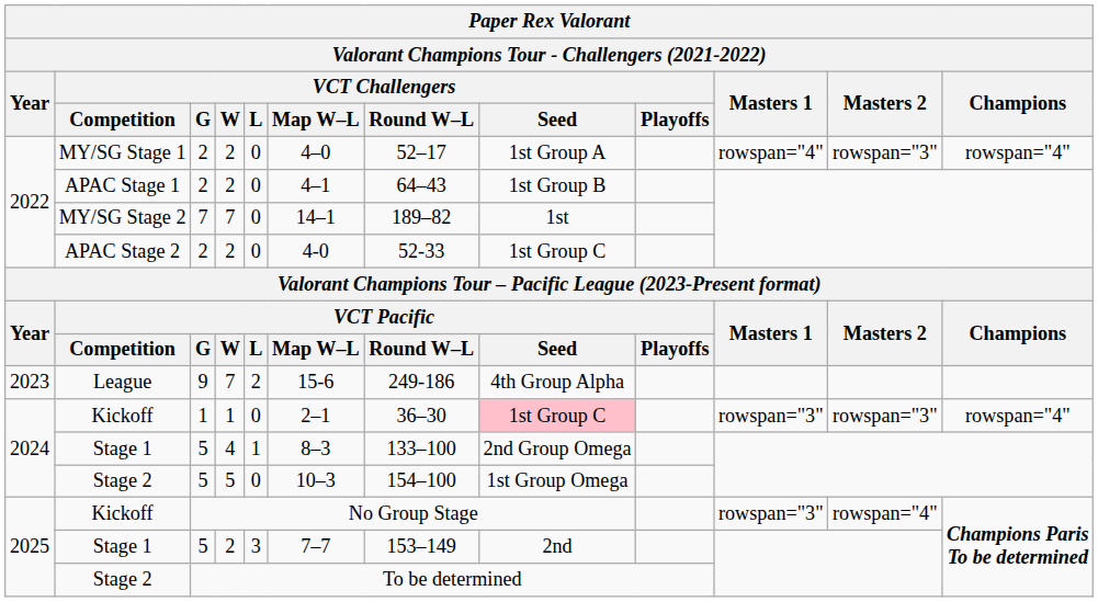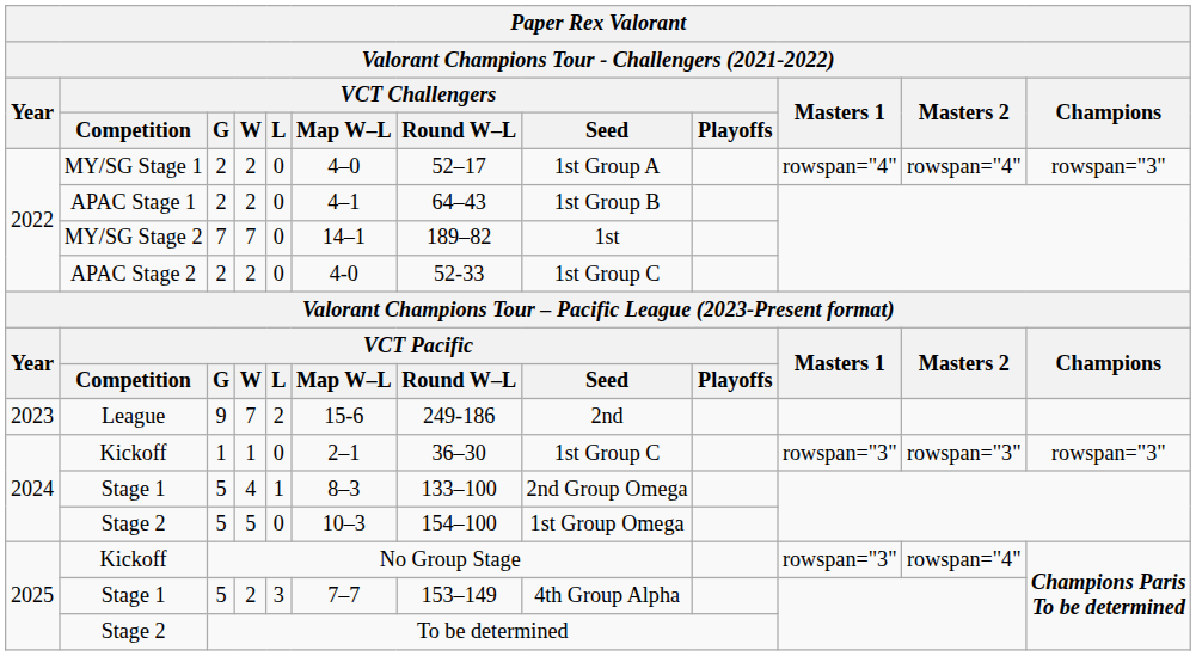 <table class="wikitable" style="font-size:90%; text-align:center;">
 <tr>
 <th colspan="13"> <em>Paper Rex Valorant</em></th>
 </tr>
 <tr>
 <th colspan="13"><em> Valorant Champions Tour - Challengers (2021-2022)</em></th>
 </tr>
 <tr>
 <th rowspan="2">Year</th>
 <th colspan="8"><em>VCT Challengers</em></th>
 <th rowspan="2">Masters 1</th>
 <th rowspan="2">Masters 2</th>
 <th rowspan="2">Champions</th>
 </tr>
 <tr>
 <th>Competition</th>
 <th>G</th>
 <th>W</th>
 <th>L</th>
 <th>Map W–L</th>
 <th>Round W–L</th>
 <th>Seed</th>
 <th>Playoffs</th>
 </tr>
 <tr>
 <td rowspan="4">2022</td>
 <td>MY/SG Stage 1</td>
 <td>2</td>
 <td>2</td>
 <td>0</td>
 <td>4–0</td>
 <td>52–17</td>
 <td>1st Group A</td>
 <td></td>
 <td>rowspan="4" </td>
+<td>rowspan="4" </td>
 <td>rowspan="3" </td>
-<td>rowspan="4" </td>
 </tr>
 <tr>
 <td>APAC Stage 1</td>
 <td>2</td>
 <td>2</td>
 <td>0</td>
 <td>4–1</td>
 <td>64–43</td>
 <td>1st Group B</td>
 <td></td>
 </tr>
 <tr>
 <td>MY/SG Stage 2</td>
 <td>7</td>
 <td>7</td>
 <td>0</td>
 <td>14–1</td>
 <td>189–82</td>
 <td>1st</td>
 <td></td>
 </tr>
 <tr>
 <td>APAC Stage 2</td>
 <td>2</td>
 <td>2</td>
 <td>0</td>
 <td>4-0</td>
 <td>52-33</td>
 <td>1st Group C</td>
 <td></td>
 </tr>
 <tr>
 <th colspan="13"><em>Valorant Champions Tour – Pacific League (2023-Present format)</em></th>
 </tr>
 <tr>
 <th rowspan="2">Year</th>
 <th colspan="8"><em>VCT Pacific</em></th>
 <th rowspan="2">Masters 1</th>
 <th rowspan="2">Masters 2</th>
 <th rowspan="2">Champions</th>
 </tr>
 <tr>
 <th>Competition</th>
 <th>G</th>
 <th>W</th>
 <th>L</th>
 <th>Map W–L</th>
 <th>Round W–L</th>
 <th>Seed</th>
 <th>Playoffs</th>
 </tr>
 <tr>
 <td>2023</td>
 <td>League</td>
 <td>9</td>
 <td>7</td>
 <td>2</td>
 <td>15-6</td>
 <td>249-186</td>
-<td>4th Group Alpha</td>
+<td>2nd</td>
 <td></td>
 <td></td>
 <td></td>
 <td></td>
 </tr>
 <tr>
 <td rowspan="3">2024</td>
 <td>Kickoff</td>
 <td>1</td>
 <td>1</td>
 <td>0</td>
 <td>2–1</td>
 <td>36–30</td>
-<td style="background: pink;">1st Group C</td>
+<td>1st Group C</td>
 <td></td>
 <td>rowspan="3" </td>
 <td>rowspan="3" </td>
-<td>rowspan="4" </td>
+<td>rowspan="3" </td>
 </tr>
 <tr>
 <td>Stage 1</td>
 <td>5</td>
 <td>4</td>
 <td>1</td>
 <td>8–3</td>
 <td>133–100</td>
 <td>2nd Group Omega</td>
 <td></td>
 </tr>
 <tr>
 <td>Stage 2</td>
 <td>5</td>
 <td>5</td>
 <td>0</td>
 <td>10–3</td>
 <td>154–100</td>
 <td>1st Group Omega</td>
 <td></td>
 </tr>
 <tr>
 <td rowspan="3">2025</td>
 <td>Kickoff</td>
 <td colspan="6">No Group Stage</td>
 <td></td>
 <td>rowspan="3" </td>
 <td>rowspan="4" </td>
 <td rowspan="3"><strong><em>Champions Paris <br> To be determined</em></strong></td>
 </tr>
 <tr>
 <td>Stage 1</td>
 <td>5</td>
 <td>2</td>
 <td>3</td>
 <td>7–7</td>
 <td>153–149</td>
-<td>2nd</td>
+<td>4th Group Alpha</td>
 <td></td>
 </tr>
 <tr>
 <td>Stage 2</td>
 <td colspan="7">To be determined</td>
 </tr>
 </table>
